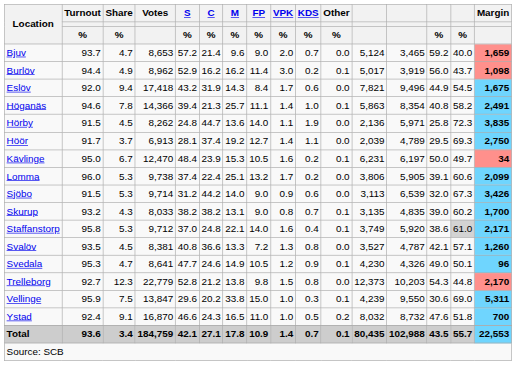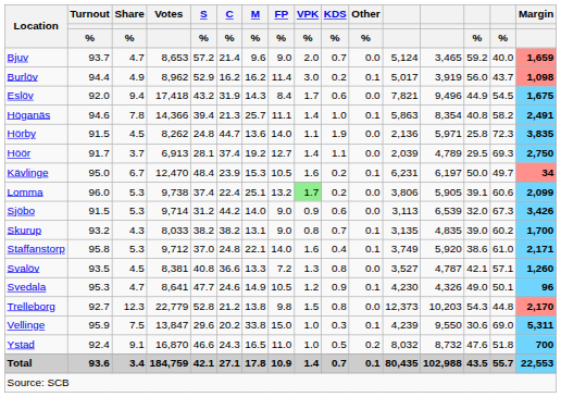 <table class="wikitable sortable" style="text-align:right; font-size:95%; line-height:20px;">
 <tr>
 <th rowspan="3">Location</th>
 <th>Turnout</th>
 <th>Share</th>
 <th>Votes</th>
 <th width="30px" class="unsortable"><a href='#'>S</a></th>
 <th width="30px" class="unsortable"><a href='#'>C</a></th>
 <th width="30px" class="unsortable"><a href='#'>M</a></th>
 <th width="30px" class="unsortable"><a href='#'>FP</a></th>
 <th width="30px" class="unsortable"><a href='#'>VPK</a></th>
 <th width="30px" class="unsortable"><a href='#'>KDS</a></th>
 <th width="30px" class="unsortable">Other</th>
 <th></th>
 <th></th>
 <th></th>
 <th></th>
 <th>Margin</th>
 </tr>
 <tr>
 <th></th>
 <th></th>
 <th></th>
 <th style="background:"></th>
 <th style="background:"></th>
 <th style="background:"></th>
 <th style="background:"></th>
 <th style="background:"></th>
 <th style="background:"></th>
 <th style="background:"></th>
 <th style="background:"></th>
 <th style="background:"></th>
 <th style="background:"></th>
 <th style="background:"></th>
 <th></th>
 </tr>
 <tr>
 <th data-sort-type="number">%</th>
 <th data-sort-type="number">%</th>
 <th></th>
 <th data-sort-type="number">%</th>
 <th data-sort-type="number">%</th>
 <th data-sort-type="number">%</th>
 <th data-sort-type="number">%</th>
 <th data-sort-type="number">%</th>
 <th data-sort-type="number">%</th>
 <th data-sort-type="number">%</th>
 <th data-sort-type="number"></th>
 <th data-sort-type="number"></th>
 <th data-sort-type="number">%</th>
 <th data-sort-type="number">%</th>
 <th data-sort-type="number"></th>
 </tr>
 <tr>
 <td align=left><a href='#'>Bjuv</a></td>
 <td>93.7</td>
 <td>4.7</td>
 <td>8,653</td>
 <td>57.2</td>
 <td>21.4</td>
 <td>9.6</td>
 <td>9.0</td>
 <td>2.0</td>
 <td>0.7</td>
 <td>0.0</td>
 <td>5,124</td>
 <td>3,465</td>
 <td>59.2</td>
 <td>40.0</td>
 <td bgcolor=#ff908c><strong>1,659</strong></td>
 </tr>
 <tr>
 <td align=left><a href='#'>Burlöv</a></td>
 <td>94.4</td>
 <td>4.9</td>
 <td>8,962</td>
 <td>52.9</td>
 <td>16.2</td>
 <td>16.2</td>
 <td>11.4</td>
 <td>3.0</td>
 <td>0.2</td>
 <td>0.1</td>
 <td>5,017</td>
 <td>3,919</td>
 <td>56.0</td>
 <td>43.7</td>
 <td bgcolor=#ff908c><strong>1,098</strong></td>
 </tr>
 <tr>
 <td align=left><a href='#'>Eslöv</a></td>
 <td>92.0</td>
 <td>9.4</td>
 <td>17,418</td>
 <td>43.2</td>
 <td>31.9</td>
 <td>14.3</td>
 <td>8.4</td>
 <td>1.7</td>
 <td>0.6</td>
 <td>0.0</td>
 <td>7,821</td>
 <td>9,496</td>
 <td>44.9</td>
 <td>54.5</td>
 <td bgcolor=#6fd5fe><strong>1,675</strong></td>
 </tr>
 <tr>
 <td align=left><a href='#'>Höganäs</a></td>
 <td>94.6</td>
 <td>7.8</td>
 <td>14,366</td>
 <td>39.4</td>
 <td>21.3</td>
 <td>25.7</td>
 <td>11.1</td>
 <td>1.4</td>
 <td>1.0</td>
 <td>0.1</td>
 <td>5,863</td>
 <td>8,354</td>
 <td>40.8</td>
 <td>58.2</td>
 <td bgcolor=#6fd5fe><strong>2,491</strong></td>
 </tr>
 <tr>
 <td align=left><a href='#'>Hörby</a></td>
 <td>91.5</td>
 <td>4.5</td>
 <td>8,262</td>
 <td>24.8</td>
 <td>44.7</td>
 <td>13.6</td>
 <td>14.0</td>
 <td>1.1</td>
 <td>1.9</td>
 <td>0.0</td>
 <td>2,136</td>
 <td>5,971</td>
 <td>25.8</td>
 <td>72.3</td>
 <td bgcolor=#6fd5fe><strong>3,835</strong></td>
 </tr>
 <tr>
 <td align=left><a href='#'>Höör</a></td>
 <td>91.7</td>
 <td>3.7</td>
 <td>6,913</td>
 <td>28.1</td>
 <td>37.4</td>
 <td>19.2</td>
 <td>12.7</td>
 <td>1.4</td>
 <td>1.1</td>
 <td>0.0</td>
 <td>2,039</td>
 <td>4,789</td>
 <td>29.5</td>
 <td>69.3</td>
 <td bgcolor=#6fd5fe><strong>2,750</strong></td>
 </tr>
 <tr>
 <td align=left><a href='#'>Kävlinge</a></td>
 <td>95.0</td>
 <td>6.7</td>
 <td>12,470</td>
 <td>48.4</td>
 <td>23.9</td>
 <td>15.3</td>
 <td>10.5</td>
 <td>1.6</td>
 <td>0.2</td>
 <td>0.1</td>
 <td>6,231</td>
 <td>6,197</td>
 <td>50.0</td>
 <td>49.7</td>
 <td bgcolor=#ff908c><strong>34</strong></td>
 </tr>
 <tr>
 <td align=left><a href='#'>Lomma</a></td>
 <td>96.0</td>
 <td>5.3</td>
 <td>9,738</td>
 <td>37.4</td>
 <td>22.4</td>
 <td>25.1</td>
 <td>13.2</td>
-<td>1.7</td>
+<td style="background: lightgreen;">1.7</td>
 <td>0.2</td>
 <td>0.0</td>
 <td>3,806</td>
 <td>5,905</td>
 <td>39.1</td>
 <td>60.6</td>
 <td bgcolor=#6fd5fe><strong>2,099</strong></td>
 </tr>
 <tr>
 <td align=left><a href='#'>Sjöbo</a></td>
 <td>91.5</td>
 <td>5.3</td>
 <td>9,714</td>
 <td>31.2</td>
 <td>44.2</td>
 <td>14.0</td>
 <td>9.0</td>
 <td>0.9</td>
 <td>0.6</td>
 <td>0.0</td>
 <td>3,113</td>
 <td>6,539</td>
 <td>32.0</td>
 <td>67.3</td>
 <td bgcolor=#6fd5fe><strong>3,426</strong></td>
 </tr>
 <tr>
 <td align=left><a href='#'>Skurup</a></td>
 <td>93.2</td>
 <td>4.3</td>
 <td>8,033</td>
 <td>38.2</td>
 <td>38.2</td>
 <td>13.1</td>
 <td>9.0</td>
 <td>0.8</td>
 <td>0.7</td>
 <td>0.1</td>
 <td>3,135</td>
 <td>4,835</td>
 <td>39.0</td>
 <td>60.2</td>
 <td bgcolor=#6fd5fe><strong>1,700</strong></td>
 </tr>
 <tr>
 <td align=left><a href='#'>Staffanstorp</a></td>
 <td>95.8</td>
 <td>5.3</td>
 <td>9,712</td>
 <td>37.0</td>
 <td>24.8</td>
 <td>22.1</td>
 <td>14.0</td>
 <td>1.6</td>
 <td>0.4</td>
 <td>0.1</td>
 <td>3,749</td>
 <td>5,920</td>
 <td>38.6</td>
-<td style="background: lightgrey;">61.0</td>
+<td>61.0</td>
 <td bgcolor=#6fd5fe><strong>2,171</strong></td>
 </tr>
 <tr>
 <td align=left><a href='#'>Svalöv</a></td>
 <td>93.5</td>
 <td>4.5</td>
 <td>8,381</td>
 <td>40.8</td>
 <td>36.6</td>
 <td>13.3</td>
 <td>7.2</td>
 <td>1.3</td>
 <td>0.8</td>
 <td>0.0</td>
 <td>3,527</td>
 <td>4,787</td>
 <td>42.1</td>
 <td>57.1</td>
 <td bgcolor=#6fd5fe><strong>1,260</strong></td>
 </tr>
 <tr>
 <td align=left><a href='#'>Svedala</a></td>
 <td>95.3</td>
 <td>4.7</td>
 <td>8,641</td>
 <td>47.7</td>
 <td>24.6</td>
 <td>14.9</td>
 <td>10.5</td>
 <td>1.2</td>
 <td>0.9</td>
 <td>0.1</td>
 <td>4,230</td>
 <td>4,326</td>
 <td>49.0</td>
 <td>50.1</td>
 <td bgcolor=#6fd5fe><strong>96</strong></td>
 </tr>
 <tr>
 <td align=left><a href='#'>Trelleborg</a></td>
 <td>92.7</td>
 <td>12.3</td>
 <td>22,779</td>
 <td>52.8</td>
 <td>21.2</td>
 <td>13.8</td>
 <td>9.8</td>
 <td>1.5</td>
 <td>0.8</td>
 <td>0.0</td>
 <td>12,373</td>
 <td>10,203</td>
 <td>54.3</td>
 <td>44.8</td>
 <td bgcolor=#ff908c><strong>2,170</strong></td>
 </tr>
 <tr>
 <td align=left><a href='#'>Vellinge</a></td>
 <td>95.9</td>
 <td>7.5</td>
 <td>13,847</td>
 <td>29.6</td>
 <td>20.2</td>
 <td>33.8</td>
 <td>15.0</td>
 <td>1.0</td>
 <td>0.3</td>
 <td>0.1</td>
 <td>4,239</td>
 <td>9,550</td>
 <td>30.6</td>
 <td>69.0</td>
 <td bgcolor=#6fd5fe><strong>5,311</strong></td>
 </tr>
 <tr>
 <td align=left><a href='#'>Ystad</a></td>
 <td>92.4</td>
 <td>9.1</td>
 <td>16,870</td>
 <td>46.6</td>
 <td>24.3</td>
 <td>16.5</td>
 <td>11.0</td>
 <td>1.0</td>
 <td>0.5</td>
 <td>0.2</td>
 <td>8,032</td>
 <td>8,732</td>
 <td>47.6</td>
 <td>51.8</td>
 <td bgcolor=#6fd5fe><strong>700</strong></td>
 </tr>
 <tr>
 </tr>
 <tr style="background:#CDCDCD;">
 <td align=left><strong>Total</strong></td>
 <td><strong>93.6</strong></td>
 <td><strong>3.4</strong></td>
 <td><strong>184,759</strong></td>
 <td><strong>42.1</strong></td>
 <td><strong>27.1</strong></td>
 <td><strong>17.8</strong></td>
 <td><strong>10.9</strong></td>
 <td><strong>1.4</strong></td>
 <td><strong>0.7</strong></td>
 <td><strong>0.1</strong></td>
 <td><strong>80,435</strong></td>
 <td><strong>102,988</strong></td>
 <td><strong>43.5</strong></td>
 <td><strong>55.7</strong></td>
 <td bgcolor=#6fd5fe><strong>22,553</strong></td>
 </tr>
 <tr>
 <td align=left colspan=16>Source: SCB </td>
 </tr>
 </table>
